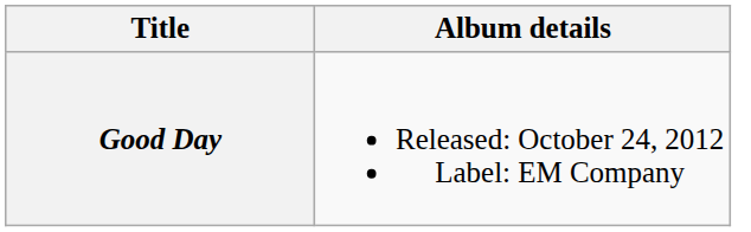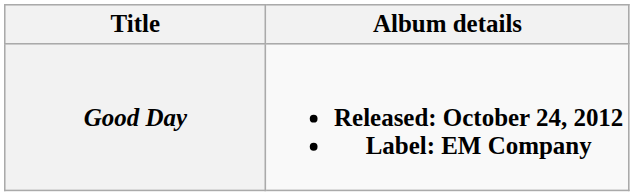 <table class="wikitable plainrowheaders" style="text-align:center;">
 <tr>
 <th rowspan="1" scope="col" style="width:10em;">Title</th>
 <th rowspan="1" scope="col">Album details</th>
 </tr>
 <tr>
 <th scope="row"><em>Good Day</em></th>
-<td><br><ul><li>Released: October 24, 2012</li><li>Label: EM Company</li></ul></td>
+<td><strong><br><ul><li>Released: October 24, 2012</li><li>Label: EM Company</li></ul></strong></td>
 </tr>
 </table>
